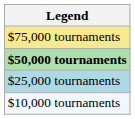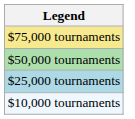 <table class=wikitable style=font-size:85%>
 <tr>
 <th>Legend</th>
 </tr>
 <tr style="background:#f7e98e;">
 <td>$75,000 tournaments</td>
 </tr>
 <tr style="background:#addfad;">
-<td><strong>$50,000 tournaments</strong></td>
+<td>$50,000 tournaments</td>
 </tr>
 <tr style="background:lightblue;">
 <td>$25,000 tournaments</td>
 </tr>
 <tr style="background:#f0f8ff;">
 <td>$10,000 tournaments</td>
 </tr>
 </table>
